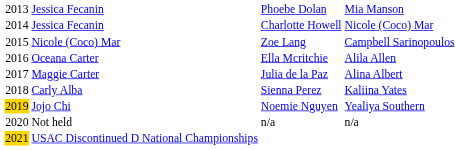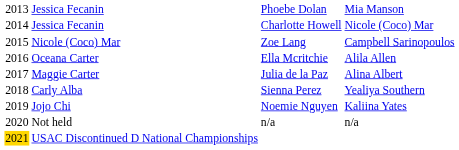 <table>
 <tr>
 <td style="text-align:center;">2013</td>
 <td><a href='#'>Jessica Fecanin</a></td>
 <td><a href='#'>Phoebe Dolan</a></td>
 <td><a href='#'>Mia Manson</a></td>
 </tr>
 <tr>
 <td style="text-align:center;">2014</td>
 <td><a href='#'>Jessica Fecanin</a></td>
 <td><a href='#'>Charlotte Howell</a></td>
 <td><a href='#'>Nicole (Coco) Mar</a></td>
 </tr>
 <tr>
 <td style="text-align:center;">2015</td>
 <td><a href='#'>Nicole (Coco) Mar</a></td>
 <td><a href='#'>Zoe Lang</a></td>
 <td><a href='#'>Campbell Sarinopoulos</a></td>
 </tr>
 <tr>
 <td style="text-align:center;">2016</td>
 <td><a href='#'>Oceana Carter</a></td>
 <td><a href='#'>Ella Mcritchie</a></td>
 <td><a href='#'>Alila Allen</a></td>
 </tr>
 <tr>
 <td style="text-align:center;">2017</td>
 <td><a href='#'>Maggie Carter</a></td>
 <td><a href='#'>Julia de la Paz</a></td>
 <td><a href='#'>Alina Albert</a></td>
 </tr>
 <tr>
 <td style="text-align:center;">2018</td>
 <td><a href='#'>Carly Alba</a></td>
 <td><a href='#'>Sienna Perez</a></td>
-<td><a href='#'>Kaliina Yates</a></td>
+<td><a href='#'>Yealiya Southern</a></td>
 </tr>
 <tr>
-<td style="background: gold; text-align:center;">2019</td>
+<td style="text-align:center;">2019</td>
 <td><a href='#'>Jojo Chi</a></td>
 <td><a href='#'>Noemie Nguyen</a></td>
-<td><a href='#'>Yealiya Southern</a></td>
+<td><a href='#'>Kaliina Yates</a></td>
 </tr>
 <tr>
 <td style="text-align:center;">2020</td>
 <td>Not held</td>
 <td>n/a</td>
 <td>n/a</td>
 </tr>
 <tr>
 <td style="background: gold; text-align:center;">2021</td>
 <td><a href='#'>USAC Discontinued D National Championships</a></td>
 </tr>
 </table>
